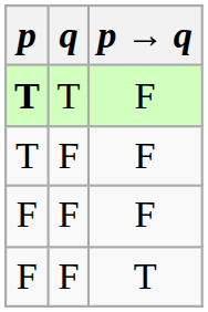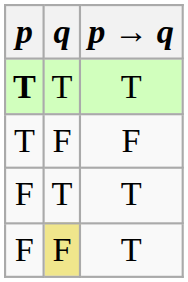 <table align="center" border="1" cellpadding="8" cellspacing="0" style="text-align:center" class="wikitable floatright">
 <tr>
 <th><em>p</em></th>
 <th><em>q</em></th>
 <th><em>p</em> → <em>q</em></th>
 </tr>
 <tr style="background:#D1FFBD">
 <td><strong>T</strong></td>
 <td>T</td>
-<td>F</td>
+<td>T</td>
 </tr>
 <tr>
 <td>T</td>
 <td>F</td>
 <td>F</td>
 </tr>
 <tr>
 <td>F</td>
-<td>F</td>
-<td>F</td>
+<td>T</td>
+<td>T</td>
 </tr>
 <tr>
 <td>F</td>
-<td>F</td>
+<td style="background: khaki;">F</td>
 <td>T</td>
 </tr>
 </table>
